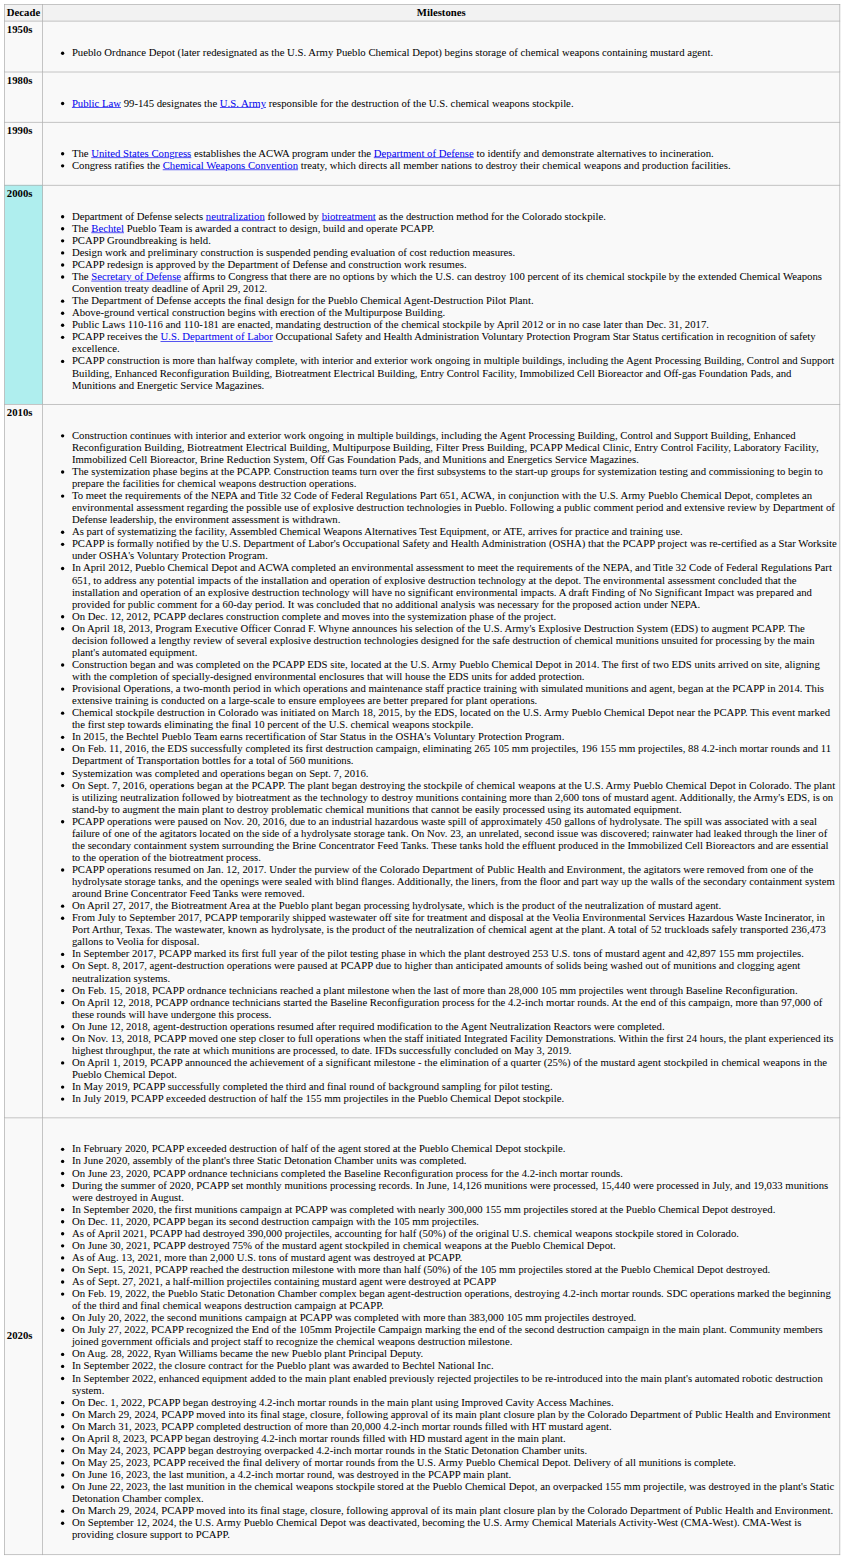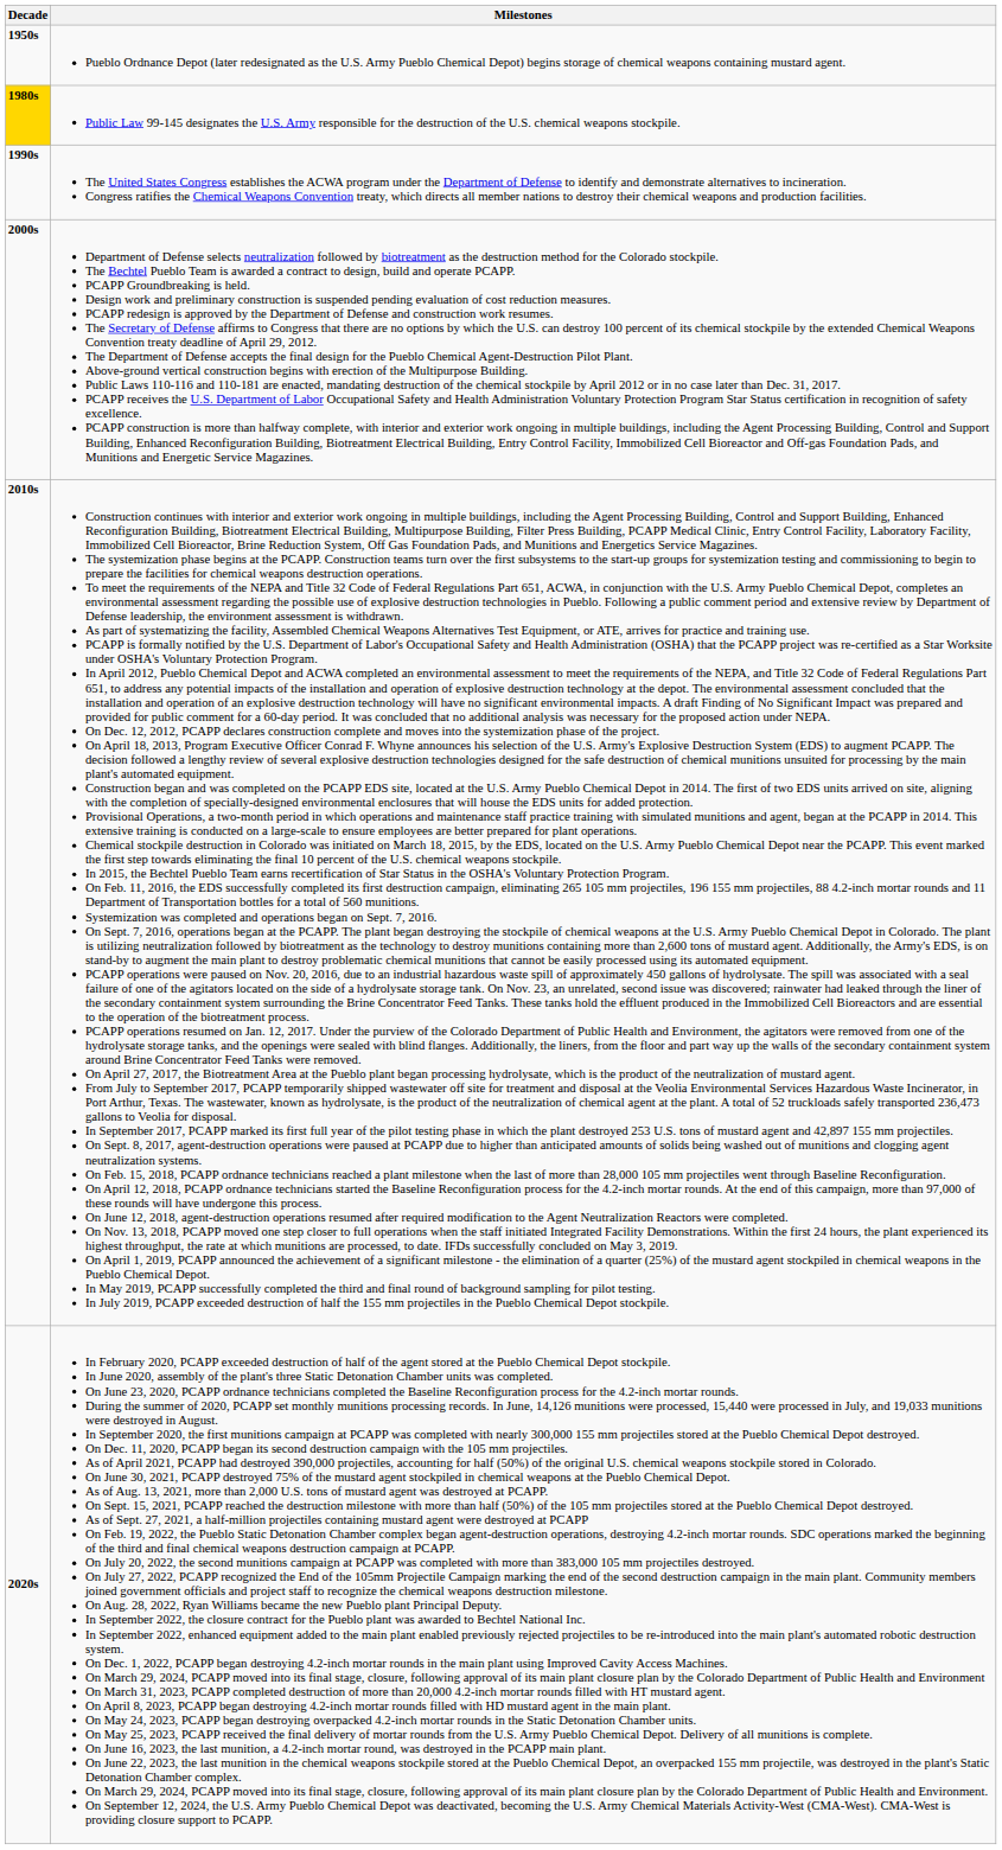 <table class="wikitable">
 <tr>
 <th>Decade</th>
 <th>Milestones</th>
 </tr>
 <tr>
 <td valign="top"><strong>1950s</strong></td>
 <td><br><ul><li>Pueblo Ordnance Depot (later redesignated as the U.S. Army Pueblo Chemical Depot) begins storage of chemical weapons containing mustard agent.</li></ul></td>
 </tr>
 <tr>
-<td valign="top"><strong>1980s</strong></td>
+<td valign="top" style="background: gold;"><strong>1980s</strong></td>
 <td><br><ul><li><a href='#'>Public Law</a> 99-145 designates the <a href='#'>U.S. Army</a> responsible for the destruction of the U.S. chemical weapons stockpile.</li></ul></td>
 </tr>
 <tr>
 <td valign="top"><strong>1990s</strong></td>
 <td><br><ul><li>The <a href='#'>United States Congress</a> establishes the ACWA program under the <a href='#'>Department of Defense</a> to identify and demonstrate alternatives to incineration.</li><li>Congress ratifies the <a href='#'>Chemical Weapons Convention</a> treaty, which directs all member nations to destroy their chemical weapons and production facilities.</li></ul></td>
 </tr>
 <tr>
-<td valign="top" style="background: paleturquoise;"><strong>2000s</strong></td>
+<td valign="top"><strong>2000s</strong></td>
 <td><br><ul><li>Department of Defense selects <a href='#'>neutralization</a> followed by <a href='#'>biotreatment</a> as the destruction method for the Colorado stockpile.</li><li>The <a href='#'>Bechtel</a> Pueblo Team is awarded a contract to design, build and operate PCAPP.</li><li>PCAPP Groundbreaking is held.</li><li>Design work and preliminary construction is suspended pending evaluation of cost reduction measures.</li><li>PCAPP redesign is approved by the Department of Defense and construction work resumes.</li><li>The <a href='#'>Secretary of Defense</a> affirms to Congress that there are no options by which the U.S. can destroy 100 percent of its chemical stockpile by the extended Chemical Weapons Convention treaty deadline of April 29, 2012.</li><li>The Department of Defense accepts the final design for the Pueblo Chemical Agent-Destruction Pilot Plant.</li><li>Above-ground vertical construction begins with erection of the Multipurpose Building.</li><li>Public Laws 110-116 and 110-181 are enacted, mandating destruction of the chemical stockpile by April 2012 or in no case later than Dec. 31, 2017.</li><li>PCAPP receives the <a href='#'>U.S. Department of Labor</a> Occupational Safety and Health Administration Voluntary Protection Program Star Status certification in recognition of safety excellence.</li><li>PCAPP construction is more than halfway complete, with interior and exterior work ongoing in multiple buildings, including the Agent Processing Building, Control and Support Building, Enhanced Reconfiguration Building, Biotreatment Electrical Building, Entry Control Facility, Immobilized Cell Bioreactor and Off-gas Foundation Pads, and Munitions and Energetic Service Magazines.</li></ul></td>
 </tr>
 <tr>
 <td valign="top"><strong>2010s</strong></td>
 <td><br><ul><li>Construction continues with interior and exterior work ongoing in multiple buildings, including the Agent Processing Building, Control and Support Building, Enhanced Reconfiguration Building, Biotreatment Electrical Building, Multipurpose Building, Filter Press Building, PCAPP Medical Clinic, Entry Control Facility, Laboratory Facility, Immobilized Cell Bioreactor, Brine Reduction System, Off Gas Foundation Pads, and Munitions and Energetics Service Magazines.</li><li>The systemization phase begins at the PCAPP. Construction teams turn over the first subsystems to the start-up groups for systemization testing and commissioning to begin to prepare the facilities for chemical weapons destruction operations.</li><li>To meet the requirements of the NEPA and Title 32 Code of Federal Regulations Part 651, ACWA, in conjunction with the U.S. Army Pueblo Chemical Depot, completes an environmental assessment regarding the possible use of explosive destruction technologies in Pueblo. Following a public comment period and extensive review by Department of Defense leadership, the environment assessment is withdrawn.</li><li>As part of systematizing the facility, Assembled Chemical Weapons Alternatives Test Equipment, or ATE, arrives for practice and training use.</li><li>PCAPP is formally notified by the U.S. Department of Labor's Occupational Safety and Health Administration (OSHA) that the PCAPP project was re-certified as a Star Worksite under OSHA's Voluntary Protection Program.</li><li>In April 2012, Pueblo Chemical Depot and ACWA completed an environmental assessment to meet the requirements of the NEPA, and Title 32 Code of Federal Regulations Part 651, to address any potential impacts of the installation and operation of explosive destruction technology at the depot. The environmental assessment concluded that the installation and operation of an explosive destruction technology will have no significant environmental impacts. A draft Finding of No Significant Impact was prepared and provided for public comment for a 60-day period. It was concluded that no additional analysis was necessary for the proposed action under NEPA.</li><li>On Dec. 12, 2012, PCAPP declares construction complete and moves into the systemization phase of the project.</li><li>On April 18, 2013, Program Executive Officer Conrad F. Whyne announces his selection of the U.S. Army's Explosive Destruction System (EDS) to augment PCAPP. The decision followed a lengthy review of several explosive destruction technologies designed for the safe destruction of chemical munitions unsuited for processing by the main plant's automated equipment.</li><li>Construction began and was completed on the PCAPP EDS site, located at the U.S. Army Pueblo Chemical Depot in 2014. The first of two EDS units arrived on site, aligning with the completion of specially-designed environmental enclosures that will house the EDS units for added protection.</li><li>Provisional Operations, a two-month period in which operations and maintenance staff practice training with simulated munitions and agent, began at the PCAPP in 2014. This extensive training is conducted on a large-scale to ensure employees are better prepared for plant operations.</li><li>Chemical stockpile destruction in Colorado was initiated on March 18, 2015, by the EDS, located on the U.S. Army Pueblo Chemical Depot near the PCAPP. This event marked the first step towards eliminating the final 10 percent of the U.S. chemical weapons stockpile.</li><li>In 2015, the Bechtel Pueblo Team earns recertification of Star Status in the OSHA's Voluntary Protection Program.</li><li>On Feb. 11, 2016, the EDS successfully completed its first destruction campaign, eliminating 265 105 mm projectiles, 196 155 mm projectiles, 88 4.2-inch mortar rounds and 11 Department of Transportation bottles for a total of 560 munitions.</li><li>Systemization was completed and operations began on Sept. 7, 2016.</li><li>On Sept. 7, 2016, operations began at the PCAPP. The plant began destroying the stockpile of chemical weapons at the U.S. Army Pueblo Chemical Depot in Colorado. The plant is utilizing neutralization followed by biotreatment as the technology to destroy munitions containing more than 2,600 tons of mustard agent. Additionally, the Army's EDS, is on stand-by to augment the main plant to destroy problematic chemical munitions that cannot be easily processed using its automated equipment.</li><li>PCAPP operations were paused on Nov. 20, 2016, due to an industrial hazardous waste spill of approximately 450 gallons of hydrolysate. The spill was associated with a seal failure of one of the agitators located on the side of a hydrolysate storage tank. On Nov. 23, an unrelated, second issue was discovered; rainwater had leaked through the liner of the secondary containment system surrounding the Brine Concentrator Feed Tanks. These tanks hold the effluent produced in the Immobilized Cell Bioreactors and are essential to the operation of the biotreatment process.</li><li>PCAPP operations resumed on Jan. 12, 2017. Under the purview of the Colorado Department of Public Health and Environment, the agitators were removed from one of the hydrolysate storage tanks, and the openings were sealed with blind flanges. Additionally, the liners, from the floor and part way up the walls of the secondary containment system around Brine Concentrator Feed Tanks were removed.</li><li>On April 27, 2017, the Biotreatment Area at the Pueblo plant began processing hydrolysate, which is the product of the neutralization of mustard agent.</li><li>From July to September 2017, PCAPP temporarily shipped wastewater off site for treatment and disposal at the Veolia Environmental Services Hazardous Waste Incinerator, in Port Arthur, Texas. The wastewater, known as hydrolysate, is the product of the neutralization of chemical agent at the plant. A total of 52 truckloads safely transported 236,473 gallons to Veolia for disposal.</li><li>In September 2017, PCAPP marked its first full year of the pilot testing phase in which the plant destroyed 253 U.S. tons of mustard agent and 42,897 155 mm projectiles.</li><li>On Sept. 8, 2017, agent-destruction operations were paused at PCAPP due to higher than anticipated amounts of solids being washed out of munitions and clogging agent neutralization systems.</li><li>On Feb. 15, 2018, PCAPP ordnance technicians reached a plant milestone when the last of more than 28,000 105 mm projectiles went through Baseline Reconfiguration.</li><li>On April 12, 2018, PCAPP ordnance technicians started the Baseline Reconfiguration process for the 4.2-inch mortar rounds. At the end of this campaign, more than 97,000 of these rounds will have undergone this process.</li><li>On June 12, 2018, agent-destruction operations resumed after required modification to the Agent Neutralization Reactors were completed.</li><li>On Nov. 13, 2018, PCAPP moved one step closer to full operations when the staff initiated Integrated Facility Demonstrations. Within the first 24 hours, the plant experienced its highest throughput, the rate at which munitions are processed, to date. IFDs successfully concluded on May 3, 2019.</li><li>On April 1, 2019, PCAPP announced the achievement of a significant milestone - the elimination of a quarter (25%) of the mustard agent stockpiled in chemical weapons in the Pueblo Chemical Depot.</li><li>In May 2019, PCAPP successfully completed the third and final round of background sampling for pilot testing.</li><li>In July 2019, PCAPP exceeded destruction of half the 155 mm projectiles in the Pueblo Chemical Depot stockpile.</li></ul></td>
 </tr>
 <tr>
 <td><strong>2020s</strong></td>
 <td><br><ul><li>In February 2020, PCAPP exceeded destruction of half of the agent stored at the Pueblo Chemical Depot stockpile.</li><li>In June 2020, assembly of the plant's three Static Detonation Chamber units was completed.</li><li>On June 23, 2020, PCAPP ordnance technicians completed the Baseline Reconfiguration process for the 4.2-inch mortar rounds.</li><li>During the summer of 2020, PCAPP set monthly munitions processing records. In June, 14,126 munitions were processed, 15,440 were processed in July, and 19,033 munitions were destroyed in August.</li><li>In September 2020, the first munitions campaign at PCAPP was completed with nearly 300,000 155 mm projectiles stored at the Pueblo Chemical Depot destroyed.</li><li>On Dec. 11, 2020, PCAPP began its second destruction campaign with the 105 mm projectiles.</li><li>As of April 2021, PCAPP had destroyed 390,000 projectiles, accounting for half (50%) of the original U.S. chemical weapons stockpile stored in Colorado.</li><li>On June 30, 2021, PCAPP destroyed 75% of the mustard agent stockpiled in chemical weapons at the Pueblo Chemical Depot.</li><li>As of Aug. 13, 2021, more than 2,000 U.S. tons of mustard agent was destroyed at PCAPP.</li><li>On Sept. 15, 2021, PCAPP reached the destruction milestone with more than half (50%) of the 105 mm projectiles stored at the Pueblo Chemical Depot destroyed.</li><li>As of Sept. 27, 2021, a half-million projectiles containing mustard agent were destroyed at PCAPP</li><li>On Feb. 19, 2022, the Pueblo Static Detonation Chamber complex began agent-destruction operations, destroying 4.2-inch mortar rounds. SDC operations marked the beginning of the third and final chemical weapons destruction campaign at PCAPP.</li><li>On July 20, 2022, the second munitions campaign at PCAPP was completed with more than 383,000 105 mm projectiles destroyed.</li><li>On July 27, 2022, PCAPP recognized the End of the 105mm Projectile Campaign marking the end of the second destruction campaign in the main plant. Community members joined government officials and project staff to recognize the chemical weapons destruction milestone.</li><li>On Aug. 28, 2022, Ryan Williams became the new Pueblo plant Principal Deputy.</li><li>In September 2022, the closure contract for the Pueblo plant was awarded to Bechtel National Inc. </li><li>In September 2022, enhanced equipment added to the main plant enabled previously rejected projectiles to be re-introduced into the main plant's automated robotic destruction system.</li><li>On Dec. 1, 2022, PCAPP began destroying 4.2-inch mortar rounds in the main plant using Improved Cavity Access Machines.</li><li>On March 29, 2024, PCAPP moved into its final stage, closure, following approval of its main plant closure plan by the Colorado Department of Public Health and Environment </li><li>On March 31, 2023, PCAPP completed destruction of more than 20,000 4.2-inch mortar rounds filled with HT mustard agent. </li><li>On April 8, 2023, PCAPP began destroying 4.2-inch mortar rounds filled with HD mustard agent in the main plant. </li><li>On May 24, 2023, PCAPP began destroying overpacked 4.2-inch mortar rounds in the Static Detonation Chamber units.</li><li>On May 25, 2023, PCAPP received the final delivery of mortar rounds from the U.S. Army Pueblo Chemical Depot. Delivery of all munitions is complete.</li><li>On June 16, 2023, the last munition, a 4.2-inch mortar round, was destroyed in the PCAPP main plant.</li><li>On June 22, 2023, the last munition in the chemical weapons stockpile stored at the Pueblo Chemical Depot, an overpacked 155 mm projectile, was destroyed in the plant's Static Detonation Chamber complex.</li><li>On March 29, 2024, PCAPP moved into its final stage, closure, following approval of its main plant closure plan by the Colorado Department of Public Health and Environment.</li><li>On September 12, 2024, the U.S. Army Pueblo Chemical Depot was deactivated, becoming the U.S. Army Chemical Materials Activity-West (CMA-West). CMA-West is providing closure support to PCAPP.</li></ul></td>
 </tr>
 </table>
